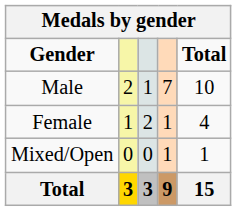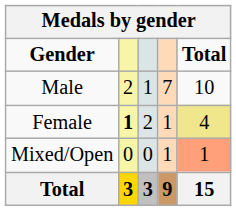 <table class="wikitable" style="font-size:85%; float:right">
 <tr style="background:#efefef;">
 <th colspan=5>Medals by gender</th>
 </tr>
 <tr align=center>
 <td><strong>Gender</strong></td>
 <td style="background:#f7f6a8;"></td>
 <td style="background:#dce5e5;"></td>
 <td style="background:#ffdab9;"></td>
 <td><strong>Total</strong></td>
 </tr>
 <tr align=center>
 <td>Male</td>
 <td style="background:#F7F6A8;">2</td>
 <td style="background:#DCE5E5;">1</td>
 <td style="background:#FFDAB9;">7</td>
 <td>10</td>
 </tr>
 <tr align=center>
 <td>Female</td>
-<td style="background:#F7F6A8;">1</td>
+<td style="background:#F7F6A8;"><strong>1</strong></td>
 <td style="background:#DCE5E5;">2</td>
 <td style="background:#FFDAB9;">1</td>
-<td>4</td>
+<td style="background: khaki;">4</td>
 </tr>
 <tr align=center>
 <td>Mixed/Open<em></em></td>
 <td style="background:#F7F6A8;">0</td>
 <td style="background:#DCE5E5;">0</td>
 <td style="background:#FFDAB9;">1</td>
-<td>1</td>
+<td style="background: lightsalmon;">1</td>
 </tr>
 <tr align=center>
 <th>Total</th>
 <th style="background:gold;">3</th>
 <th style="background:silver;">3</th>
 <th style="background:#c96;">9</th>
 <th>15</th>
 </tr>
 </table>
